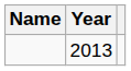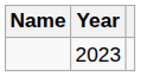 <table class="wikitable sortable">
 <tr>
 <th>Name</th>
 <th>Year</th>
 <th class="unsortable"></th>
 </tr>
 <tr>
 <td></td>
-<td>2013</td>
+<td>2023</td>
 <td></td>
 </tr>
 </table>
